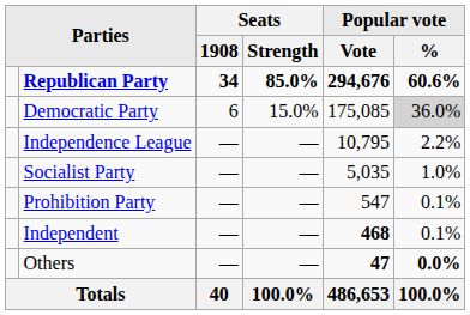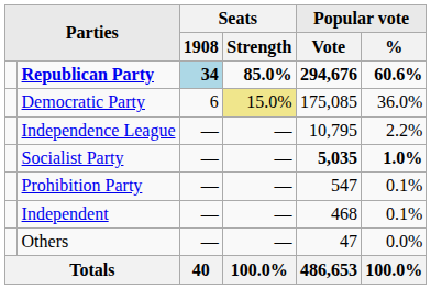 <table class="wikitable">
 <tr>
 <th colspan="2" rowspan="2" style="background:#e9e9e9; text-align:center">Parties</th>
 <th colspan="2">Seats</th>
 <th colspan="2" style="background:#e9e9e9; text-align:center">Popular vote</th>
 </tr>
 <tr style="background:#e9e9e9">
 <th>1908</th>
 <th>Strength</th>
 <th>Vote</th>
 <th>%</th>
 </tr>
 <tr>
 <td style="background-color:"> </td>
 <td><a href='#'><strong>Republican Party</strong></a></td>
-<td align="right"><strong>34</strong></td>
+<td align="right" style="background: lightblue;"><strong>34</strong></td>
 <td align="right"><strong>85.0%</strong></td>
 <td align="right"><strong>294,676</strong></td>
 <td align="right"><strong>60.6%</strong></td>
 </tr>
 <tr>
 <td style="background-color:"> </td>
 <td><a href='#'>Democratic Party</a></td>
 <td align="right">6</td>
-<td align="right">15.0%</td>
+<td align="right" style="background: khaki;">15.0%</td>
 <td align="right">175,085</td>
-<td align="right" style="background: lightgrey;">36.0%</td>
+<td align="right">36.0%</td>
 </tr>
 <tr>
 <td style="background-color:"> </td>
 <td><a href='#'>Independence League</a></td>
 <td align="right">—</td>
 <td align="right">—</td>
 <td align="right">10,795</td>
 <td align="right">2.2%</td>
 </tr>
 <tr>
 <td style="background-color:"></td>
 <td><a href='#'>Socialist Party</a></td>
 <td align="right">—</td>
 <td align="right">—</td>
-<td align="right">5,035</td>
-<td align="right">1.0%</td>
+<td align="right"><strong>5,035</strong></td>
+<td align="right"><strong>1.0%</strong></td>
 </tr>
 <tr>
 <td style="background-color:"></td>
 <td><a href='#'>Prohibition Party</a></td>
 <td align="right">—</td>
 <td align="right">—</td>
 <td align="right">547</td>
 <td align="right">0.1%</td>
 </tr>
 <tr>
 <td style="background-color:"> </td>
 <td><a href='#'>Independent</a></td>
 <td align="right">—</td>
 <td align="right">—</td>
-<td align="right"><strong>468</strong></td>
+<td align="right">468</td>
 <td align="right">0.1%</td>
 </tr>
 <tr>
 <td style="background-color:"> </td>
 <td>Others</td>
 <td align="right">—</td>
 <td align="right">—</td>
-<td align="right"><strong>47</strong></td>
-<td align="right"><strong>0.0%</strong></td>
+<td align="right">47</td>
+<td align="right">0.0%</td>
 </tr>
 <tr style="background:#ccc">
 <th colspan="2"><strong>Totals</strong></th>
 <th>40</th>
 <th>100.0%</th>
 <th>486,653</th>
 <th>100.0%</th>
 </tr>
 </table>
